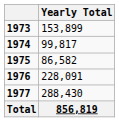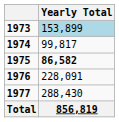 <table class="wikitable">
 <tr>
 <th></th>
 <th>Yearly Total</th>
 </tr>
 <tr>
 <td><strong>1973</strong></td>
-<td>153,899</td>
+<td style="background: lightblue;">153,899</td>
 </tr>
 <tr>
 <td><strong>1974</strong></td>
 <td>99,817</td>
 </tr>
 <tr>
 <td><strong>1975</strong></td>
-<td>86,582</td>
+<td><strong>86,582</strong></td>
 </tr>
 <tr>
 <td><strong>1976</strong></td>
 <td>228,091</td>
 </tr>
 <tr>
 <td><strong>1977</strong></td>
 <td>288,430</td>
 </tr>
 <tr>
 <th><strong>Total</strong></th>
 <th><strong><u>856,819</u></strong></th>
 </tr>
 </table>
